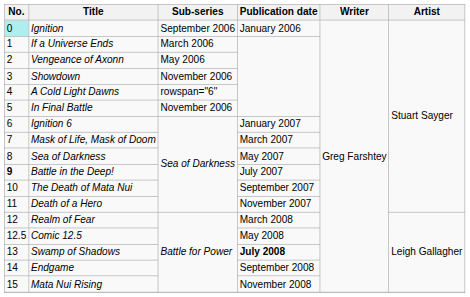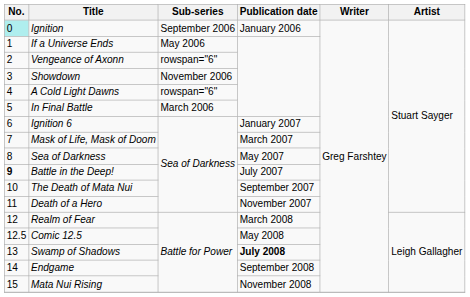 <table class="wikitable">
 <tr>
 <th>No.</th>
 <th>Title</th>
 <th>Sub-series</th>
 <th>Publication date</th>
 <th>Writer</th>
 <th>Artist</th>
 </tr>
 <tr>
 <td style="background: paleturquoise;">0</td>
 <td><em>Ignition</em></td>
 <td>September 2006</td>
 <td>January 2006</td>
 <td rowspan="17">Greg Farshtey</td>
 <td rowspan="12">Stuart Sayger</td>
 </tr>
 <tr>
 <td>1</td>
 <td><em>If a Universe Ends</em></td>
-<td>March 2006</td>
+<td>May 2006</td>
 </tr>
 <tr>
 <td>2</td>
 <td><em>Vengeance of Axonn</em></td>
-<td>May 2006</td>
+<td>rowspan="6"</td>
 </tr>
 <tr>
 <td>3</td>
 <td><em>Showdown</em></td>
 <td>November 2006</td>
 </tr>
 <tr>
 <td>4</td>
 <td><em>A Cold Light Dawns</em></td>
 <td>rowspan="6"</td>
 </tr>
 <tr>
 <td>5</td>
 <td><em>In Final Battle</em></td>
-<td>November 2006</td>
+<td>March 2006</td>
 </tr>
 <tr>
 <td>6</td>
 <td><em>Ignition 6</em></td>
 <td rowspan="6"><em>Sea of Darkness</em></td>
 <td>January 2007</td>
 </tr>
 <tr>
 <td>7</td>
 <td><em>Mask of Life, Mask of Doom</em></td>
 <td>March 2007</td>
 </tr>
 <tr>
 <td>8</td>
 <td><em>Sea of Darkness</em></td>
 <td>May 2007</td>
 </tr>
 <tr>
 <td><strong>9</strong></td>
 <td><em>Battle in the Deep!</em></td>
 <td>July 2007</td>
 </tr>
 <tr>
 <td>10</td>
 <td><em>The Death of Mata Nui</em></td>
 <td>September 2007</td>
 </tr>
 <tr>
 <td>11</td>
 <td><em>Death of a Hero</em></td>
 <td>November 2007</td>
 </tr>
 <tr>
 <td>12</td>
 <td><em>Realm of Fear</em></td>
 <td rowspan="5"><em>Battle for Power</em></td>
 <td>March 2008</td>
 <td rowspan="5">Leigh Gallagher</td>
 </tr>
 <tr>
 <td>12.5</td>
 <td><em>Comic 12.5</em></td>
 <td>May 2008</td>
 </tr>
 <tr>
 <td>13</td>
 <td><em>Swamp of Shadows</em></td>
 <td><strong>July 2008</strong></td>
 </tr>
 <tr>
 <td>14</td>
 <td><em>Endgame</em></td>
 <td>September 2008</td>
 </tr>
 <tr>
 <td>15</td>
 <td><em>Mata Nui Rising</em></td>
 <td>November 2008</td>
 </tr>
 <tr>
 </tr>
 </table>
